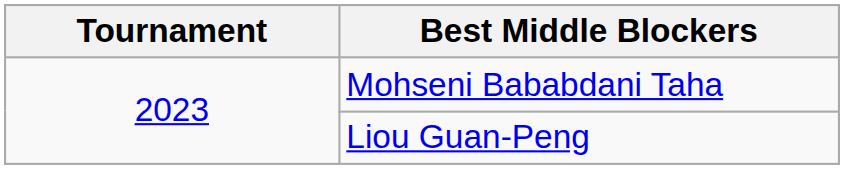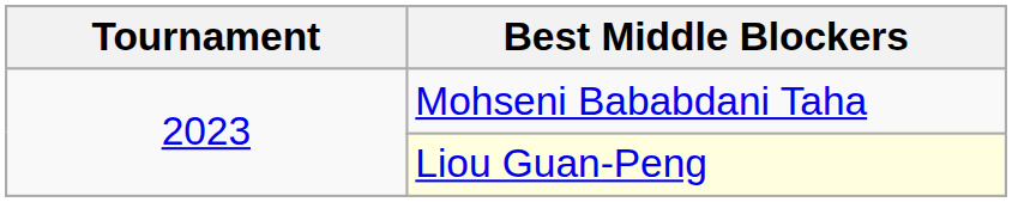 <table class=wikitable style="width: 400px;">
 <tr>
 <th>Tournament</th>
 <th style="width: 60%;">Best Middle Blockers</th>
 </tr>
 <tr>
 <td style="text-align:center;" rowspan=2><a href='#'>2023</a></td>
 <td> <a href='#'>Mohseni Bababdani Taha</a></td>
 </tr>
 <tr>
-<td> <a href='#'>Liou Guan-Peng</a></td>
+<td style="background: lightyellow;"> <a href='#'>Liou Guan-Peng</a></td>
 </tr>
 </table>
